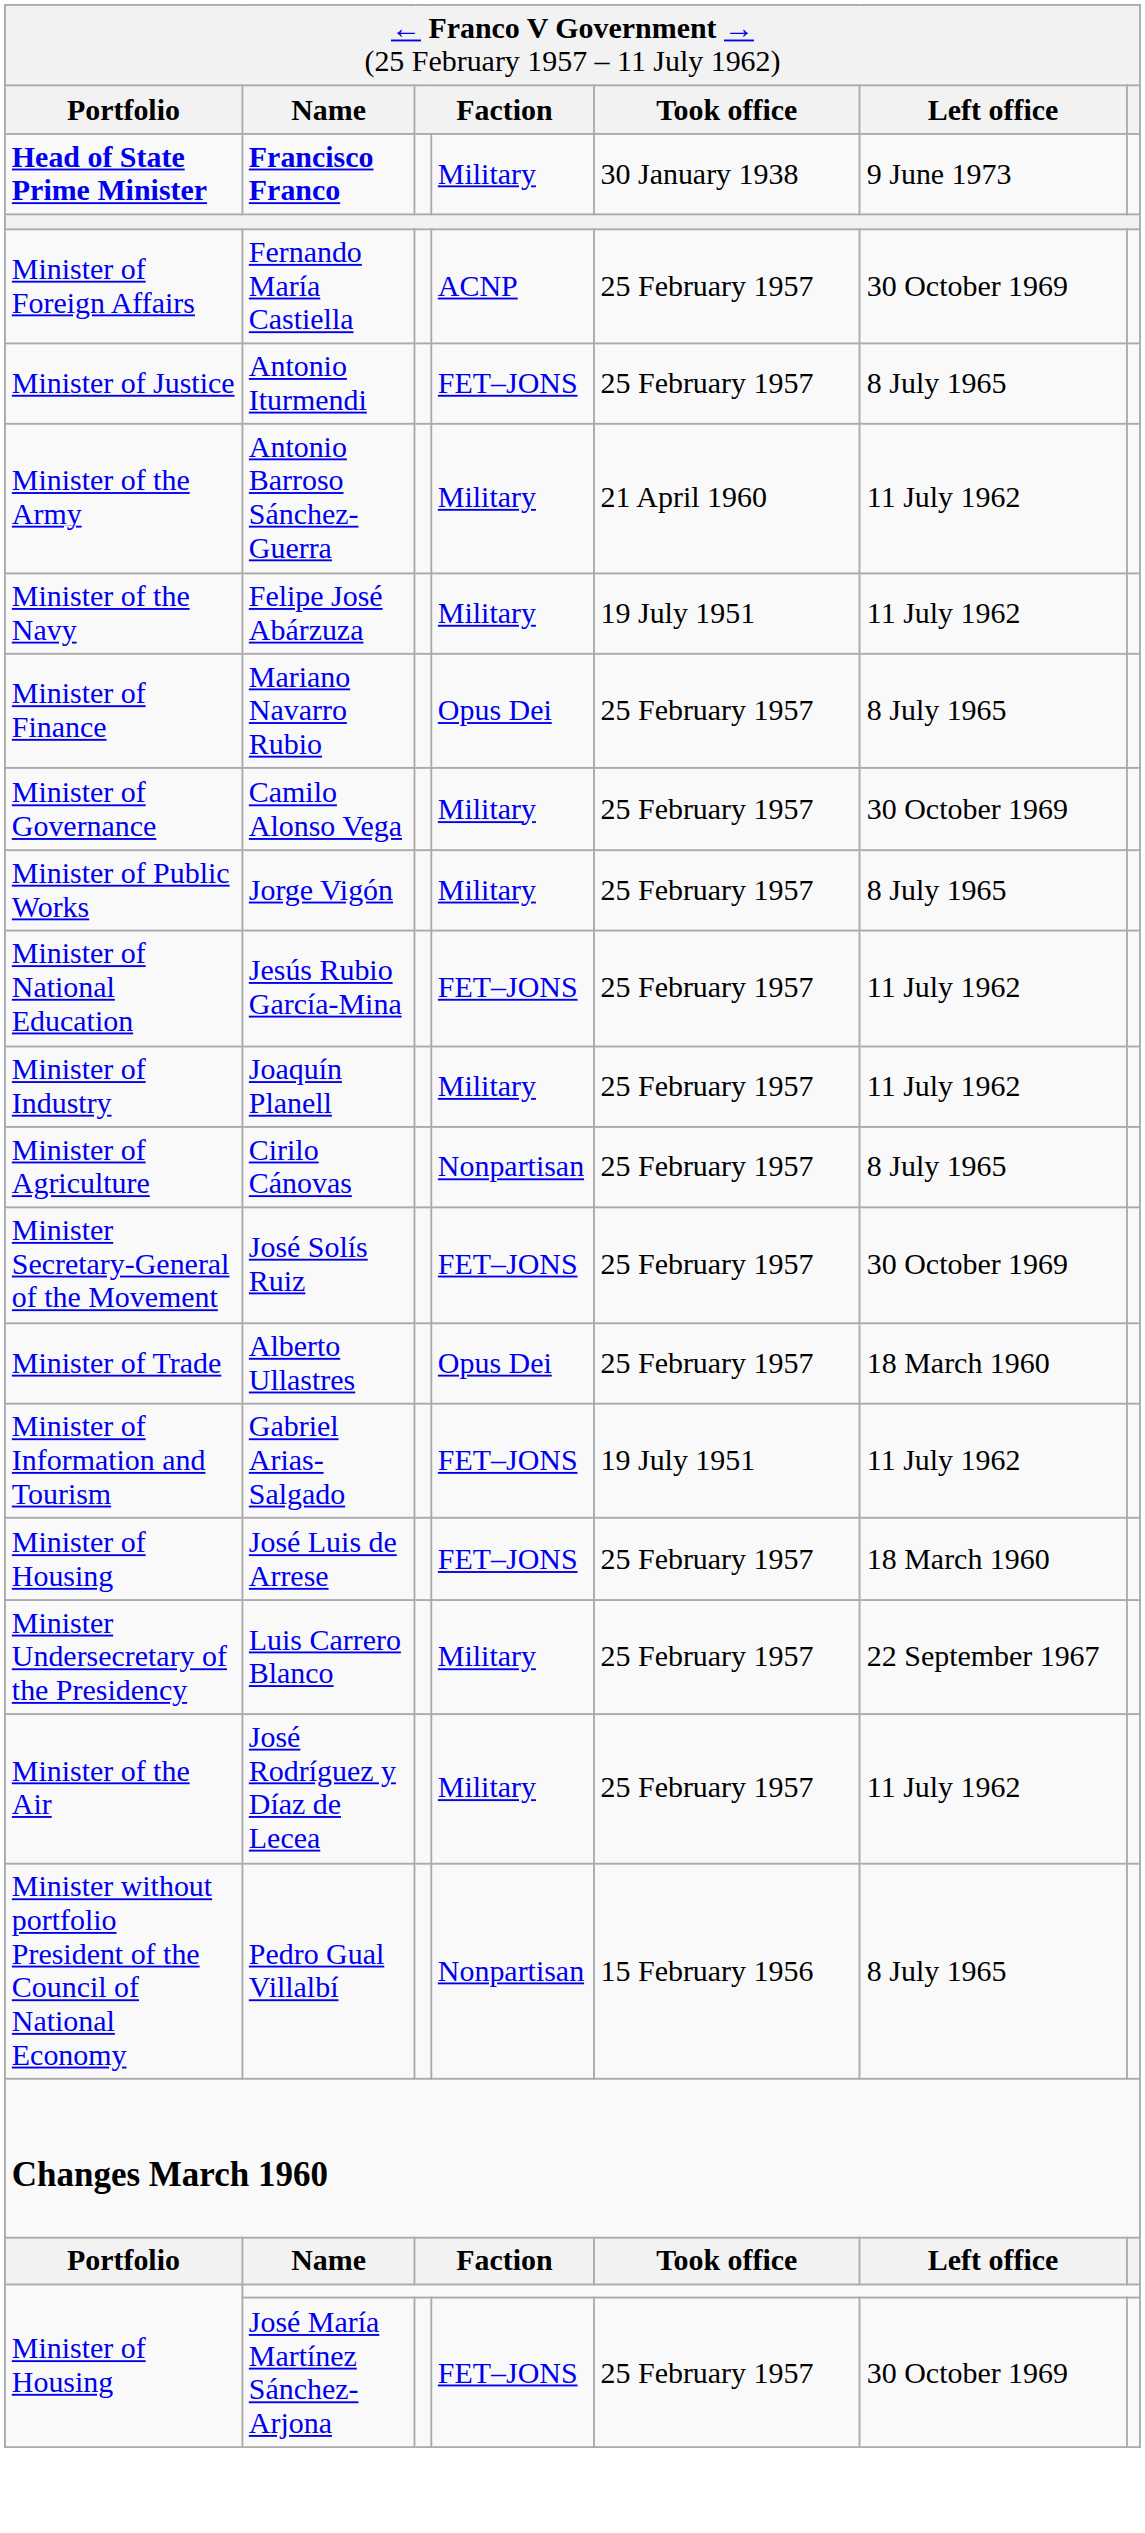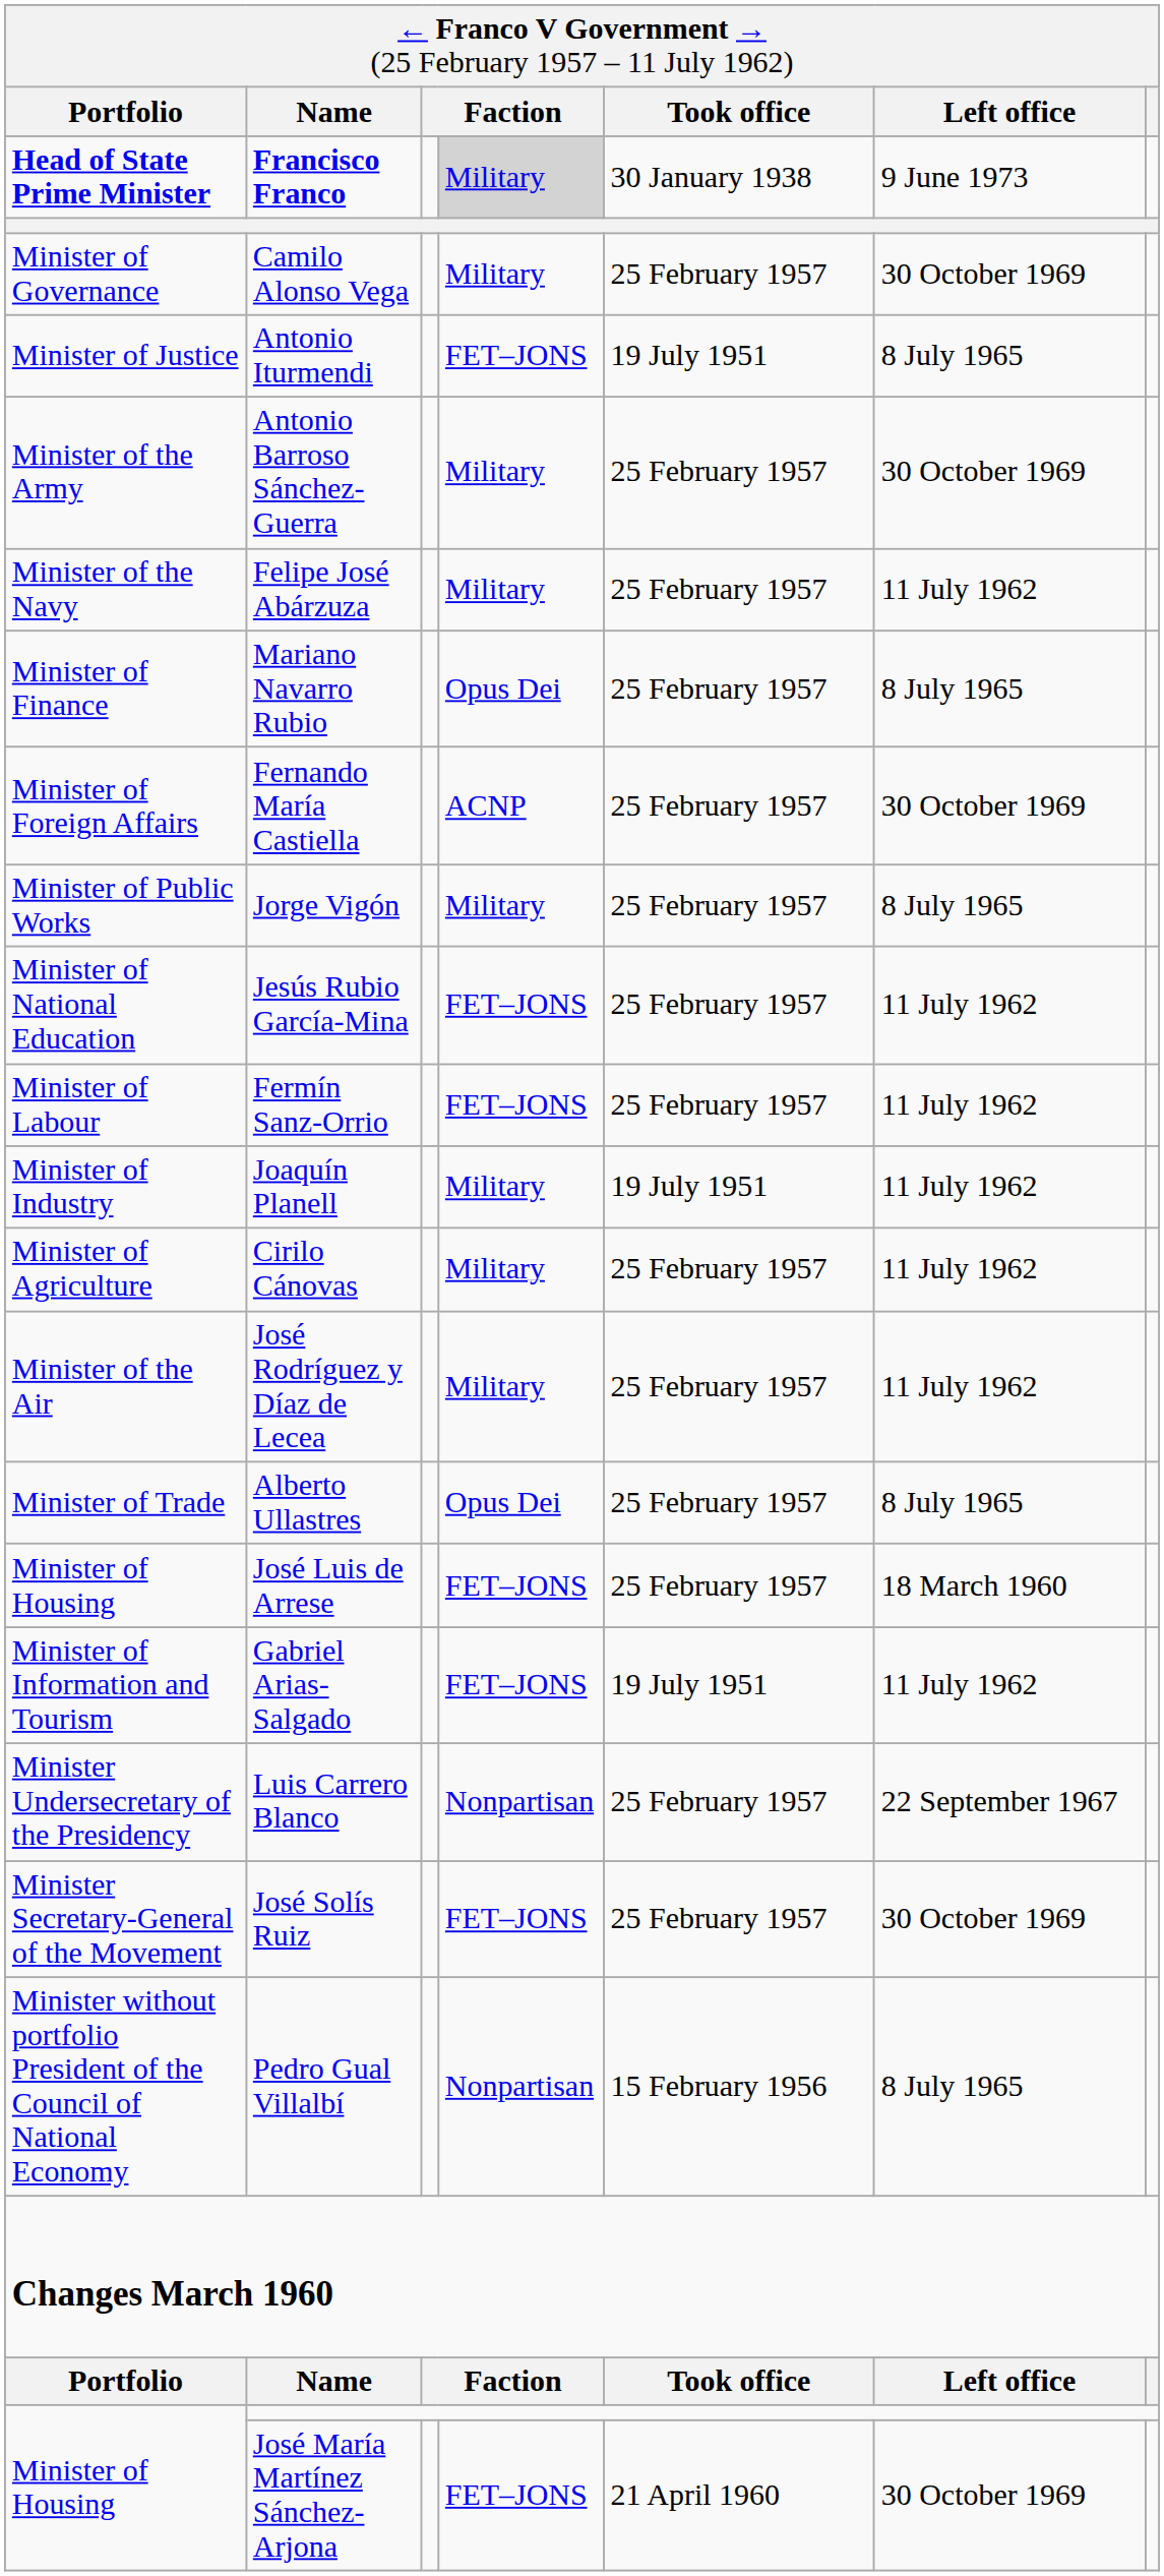 <table class="wikitable">
 <tr>
 <td colspan="7" bgcolor="#F2F2F2" align="center"><a href='#'>←</a> <strong>Franco V Government</strong> <a href='#'>→</a><br>(25 February 1957 – 11 July 1962)</td>
 </tr>
 <tr>
 <th>Portfolio</th>
 <th>Name</th>
 <th width="100px" colspan="2">Faction</th>
 <th width="135px">Took office</th>
 <th width="135px">Left office</th>
 <th></th>
 </tr>
 <tr>
 <td><strong><a href='#'>Head of State</a><br><a href='#'>Prime Minister</a></strong></td>
 <td><strong><a href='#'>Francisco Franco</a></strong></td>
 <td width="1" style="background-color:"></td>
-<td><a href='#'>Military</a></td>
+<td style="background: lightgrey;"><a href='#'>Military</a></td>
 <td>30 January 1938</td>
 <td>9 June 1973</td>
 <td align="center"><br></td>
 </tr>
 <tr>
 <th colspan="7"></th>
 </tr>
 <tr>
-<td><a href='#'>Minister of Foreign Affairs</a></td>
-<td><a href='#'>Fernando María Castiella</a></td>
+<td><a href='#'>Minister of Governance</a></td>
+<td><a href='#'>Camilo Alonso Vega</a></td>
 <td style="background-color:"></td>
-<td><a href='#'>ACNP</a></td>
+<td><a href='#'>Military</a></td>
 <td>25 February 1957</td>
 <td>30 October 1969</td>
 <td align="center"></td>
 </tr>
 <tr>
 <td><a href='#'>Minister of Justice</a></td>
 <td><a href='#'>Antonio Iturmendi</a></td>
 <td style="background-color:"></td>
 <td><a href='#'>FET–JONS</a></td>
-<td>25 February 1957</td>
+<td>19 July 1951</td>
 <td>8 July 1965</td>
 <td align="center"></td>
 </tr>
 <tr>
 <td><a href='#'>Minister of the Army</a></td>
 <td><a href='#'>Antonio Barroso Sánchez-Guerra</a></td>
 <td style="background-color:"></td>
 <td><a href='#'>Military</a></td>
-<td>21 April 1960</td>
-<td>11 July 1962</td>
+<td>25 February 1957</td>
+<td>30 October 1969</td>
 <td align="center"></td>
 </tr>
 <tr>
 <td><a href='#'>Minister of the Navy</a></td>
 <td><a href='#'>Felipe José Abárzuza</a></td>
 <td style="background-color:"></td>
 <td><a href='#'>Military</a></td>
-<td>19 July 1951</td>
+<td>25 February 1957</td>
 <td>11 July 1962</td>
 <td align="center"></td>
 </tr>
 <tr>
 <td><a href='#'>Minister of Finance</a></td>
 <td><a href='#'>Mariano Navarro Rubio</a></td>
 <td style="background-color:"></td>
 <td><a href='#'>Opus Dei</a></td>
 <td>25 February 1957</td>
 <td>8 July 1965</td>
 <td align="center"></td>
 </tr>
 <tr>
-<td><a href='#'>Minister of Governance</a></td>
-<td><a href='#'>Camilo Alonso Vega</a></td>
+<td><a href='#'>Minister of Foreign Affairs</a></td>
+<td><a href='#'>Fernando María Castiella</a></td>
 <td style="background-color:"></td>
-<td><a href='#'>Military</a></td>
+<td><a href='#'>ACNP</a></td>
 <td>25 February 1957</td>
 <td>30 October 1969</td>
 <td align="center"></td>
 </tr>
 <tr>
 <td><a href='#'>Minister of Public Works</a></td>
 <td><a href='#'>Jorge Vigón</a></td>
 <td style="background-color:"></td>
 <td><a href='#'>Military</a></td>
 <td>25 February 1957</td>
 <td>8 July 1965</td>
 <td align="center"></td>
 </tr>
 <tr>
 <td><a href='#'>Minister of National Education</a></td>
 <td><a href='#'>Jesús Rubio García-Mina</a></td>
 <td style="background-color:"></td>
 <td><a href='#'>FET–JONS</a></td>
 <td>25 February 1957</td>
 <td>11 July 1962</td>
 <td align="center"></td>
 </tr>
 <tr>
+<td><a href='#'>Minister of Labour</a></td>
+<td><a href='#'>Fermín Sanz-Orrio</a></td>
+<td style="background-color:"></td>
+<td><a href='#'>FET–JONS</a></td>
+<td>25 February 1957</td>
+<td>11 July 1962</td>
+<td align="center"></td>
+</tr>
+<tr>
 <td><a href='#'>Minister of Industry</a></td>
 <td><a href='#'>Joaquín Planell</a></td>
+<td style="background-color:"></td>
+<td><a href='#'>Military</a></td>
+<td>19 July 1951</td>
+<td>11 July 1962</td>
+<td align="center"></td>
+</tr>
+<tr>
+<td><a href='#'>Minister of Agriculture</a></td>
+<td><a href='#'>Cirilo Cánovas</a></td>
 <td style="background-color:"></td>
 <td><a href='#'>Military</a></td>
 <td>25 February 1957</td>
 <td>11 July 1962</td>
 <td align="center"></td>
 </tr>
 <tr>
-<td><a href='#'>Minister of Agriculture</a></td>
-<td><a href='#'>Cirilo Cánovas</a></td>
+<td><a href='#'>Minister of the Air</a></td>
+<td><a href='#'>José Rodríguez y Díaz de Lecea</a></td>
 <td style="background-color:"></td>
-<td><a href='#'>Nonpartisan</a></td>
+<td><a href='#'>Military</a></td>
 <td>25 February 1957</td>
-<td>8 July 1965</td>
-<td align="center"></td>
-</tr>
-<tr>
-<td><a href='#'>Minister Secretary-General of the Movement</a></td>
-<td><a href='#'>José Solís Ruiz</a></td>
-<td style="background-color:"></td>
-<td><a href='#'>FET–JONS</a></td>
-<td>25 February 1957</td>
-<td>30 October 1969</td>
+<td>11 July 1962</td>
 <td align="center"></td>
 </tr>
 <tr>
 <td><a href='#'>Minister of Trade</a></td>
 <td><a href='#'>Alberto Ullastres</a></td>
 <td style="background-color:"></td>
 <td><a href='#'>Opus Dei</a></td>
+<td>25 February 1957</td>
+<td>8 July 1965</td>
+<td align="center"></td>
+</tr>
+<tr>
+<td><a href='#'>Minister of Housing</a></td>
+<td><a href='#'>José Luis de Arrese</a></td>
+<td style="background-color:"></td>
+<td><a href='#'>FET–JONS</a></td>
 <td>25 February 1957</td>
 <td>18 March 1960</td>
 <td align="center"></td>
 </tr>
 <tr>
 <td><a href='#'>Minister of Information and Tourism</a></td>
 <td><a href='#'>Gabriel Arias-Salgado</a></td>
 <td style="background-color:"></td>
 <td><a href='#'>FET–JONS</a></td>
 <td>19 July 1951</td>
 <td>11 July 1962</td>
 <td align="center"></td>
 </tr>
 <tr>
-<td><a href='#'>Minister of Housing</a></td>
-<td><a href='#'>José Luis de Arrese</a></td>
-<td style="background-color:"></td>
-<td><a href='#'>FET–JONS</a></td>
-<td>25 February 1957</td>
-<td>18 March 1960</td>
-<td align="center"></td>
-</tr>
-<tr>
 <td><a href='#'>Minister Undersecretary of the Presidency</a></td>
 <td><a href='#'>Luis Carrero Blanco</a></td>
 <td style="background-color:"></td>
-<td><a href='#'>Military</a></td>
+<td><a href='#'>Nonpartisan</a></td>
 <td>25 February 1957</td>
 <td>22 September 1967</td>
 <td align="center"></td>
 </tr>
 <tr>
-<td><a href='#'>Minister of the Air</a></td>
-<td><a href='#'>José Rodríguez y Díaz de Lecea</a></td>
+<td><a href='#'>Minister Secretary-General of the Movement</a></td>
+<td><a href='#'>José Solís Ruiz</a></td>
 <td style="background-color:"></td>
-<td><a href='#'>Military</a></td>
+<td><a href='#'>FET–JONS</a></td>
 <td>25 February 1957</td>
-<td>11 July 1962</td>
+<td>30 October 1969</td>
 <td align="center"></td>
 </tr>
 <tr>
 <td><a href='#'>Minister without portfolio</a><br><a href='#'>President of the Council of National Economy</a></td>
 <td><a href='#'>Pedro Gual Villalbí</a></td>
 <td style="background-color:"></td>
 <td><a href='#'>Nonpartisan</a></td>
 <td>15 February 1956</td>
 <td>8 July 1965</td>
 <td align="center"></td>
 </tr>
 <tr>
 <td colspan="7"><br><h3>Changes March 1960</h3></td>
 </tr>
 <tr>
 <th>Portfolio</th>
 <th>Name</th>
 <th colspan="2">Faction</th>
 <th>Took office</th>
 <th>Left office</th>
 <th></th>
 </tr>
 <tr>
 <td rowspan="2"><a href='#'>Minister of Housing</a></td>
 <td colspan="6"></td>
 </tr>
 <tr>
 <td><a href='#'>José María Martínez Sánchez-Arjona</a></td>
 <td style="background-color:"></td>
 <td><a href='#'>FET–JONS</a></td>
-<td>25 February 1957</td>
+<td>21 April 1960</td>
 <td>30 October 1969</td>
 <td align="center"></td>
 </tr>
 </table>
